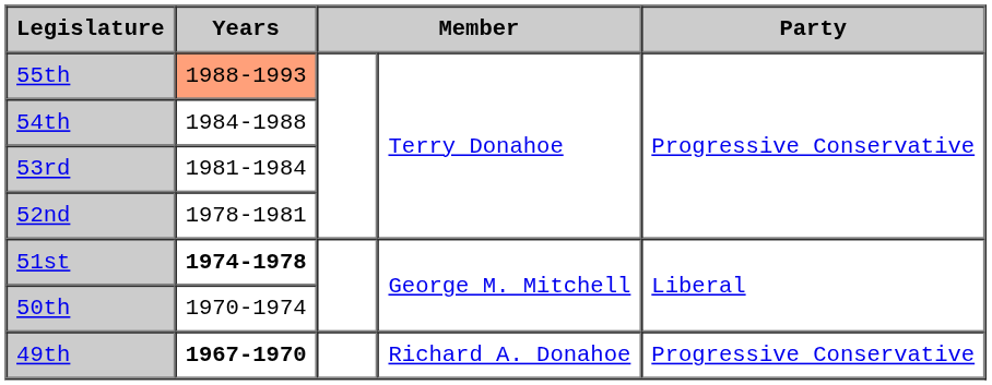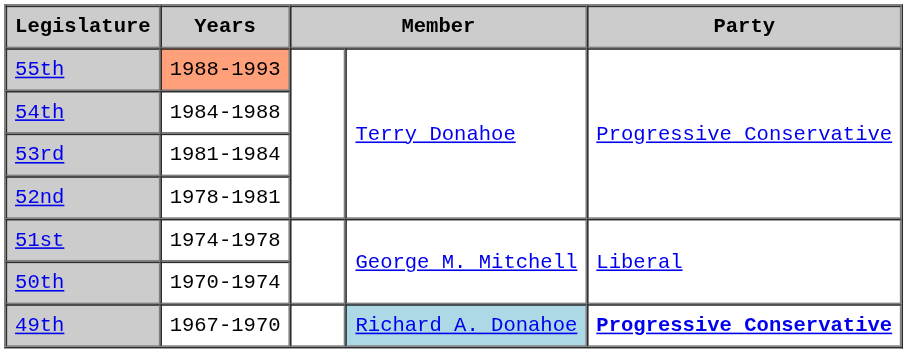 <table border=1 cellpadding=5 cellspacing=0>
 <tr bgcolor="CCCCCC">
 <th>Legislature</th>
 <th>Years</th>
 <th colspan="2">Member</th>
 <th>Party</th>
 </tr>
 <tr>
 <td bgcolor="CCCCCC"><a href='#'>55th</a></td>
 <td style="background: lightsalmon;">1988-1993</td>
 <td rowspan="4" >   </td>
 <td rowspan="4"><a href='#'>Terry Donahoe</a></td>
 <td rowspan="4"><a href='#'>Progressive Conservative</a></td>
 </tr>
 <tr>
 <td bgcolor="CCCCCC"><a href='#'>54th</a></td>
 <td>1984-1988</td>
 </tr>
 <tr>
 <td bgcolor="CCCCCC"><a href='#'>53rd</a></td>
 <td>1981-1984</td>
 </tr>
 <tr>
 <td bgcolor="CCCCCC"><a href='#'>52nd</a></td>
 <td>1978-1981</td>
 </tr>
 <tr>
 <td bgcolor="CCCCCC"><a href='#'>51st</a></td>
-<td><strong>1974-1978</strong></td>
+<td>1974-1978</td>
 <td rowspan="2" >   </td>
 <td rowspan="2"><a href='#'>George M. Mitchell</a></td>
 <td rowspan="2"><a href='#'>Liberal</a></td>
 </tr>
 <tr>
 <td bgcolor="CCCCCC"><a href='#'>50th</a></td>
 <td>1970-1974</td>
 </tr>
 <tr>
 <td bgcolor="CCCCCC"><a href='#'>49th</a></td>
-<td><strong>1967-1970</strong></td>
+<td>1967-1970</td>
 <td>   </td>
-<td><a href='#'>Richard A. Donahoe</a></td>
-<td><a href='#'>Progressive Conservative</a></td>
+<td style="background: lightblue;"><a href='#'>Richard A. Donahoe</a></td>
+<td><strong><a href='#'>Progressive Conservative</a></strong></td>
 </tr>
 </table>
